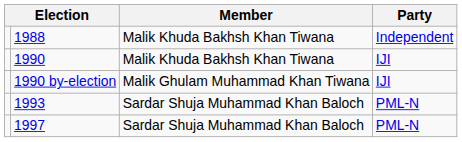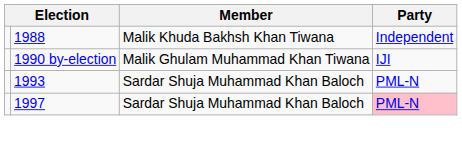 <table class="wikitable">
 <tr>
 <th colspan="2">Election</th>
 <th>Member</th>
 <th>Party</th>
 </tr>
 <tr>
 <td style="background-color: "></td>
 <td><a href='#'>1988</a></td>
 <td>Malik Khuda Bakhsh Khan Tiwana</td>
 <td><a href='#'>Independent</a></td>
-</tr>
-<tr>
-<td style="background-color: "></td>
-<td><a href='#'>1990</a></td>
-<td>Malik Khuda Bakhsh Khan Tiwana</td>
-<td><a href='#'>IJI</a></td>
 </tr>
 <tr>
 <td style="background-color: "></td>
 <td><a href='#'>1990 by-election</a></td>
 <td>Malik Ghulam Muhammad Khan Tiwana</td>
 <td><a href='#'>IJI</a></td>
 </tr>
 <tr>
 <td style="background-color: "></td>
 <td><a href='#'>1993</a></td>
 <td>Sardar Shuja Muhammad Khan Baloch</td>
 <td><a href='#'>PML-N</a></td>
 </tr>
 <tr>
 <td style="background-color: "></td>
 <td><a href='#'>1997</a></td>
 <td>Sardar Shuja Muhammad Khan Baloch</td>
-<td><a href='#'>PML-N</a></td>
+<td style="background: pink;"><a href='#'>PML-N</a></td>
 </tr>
 </table>
